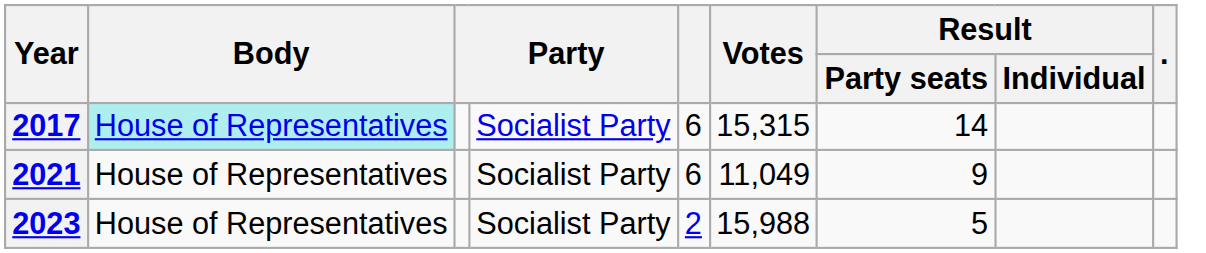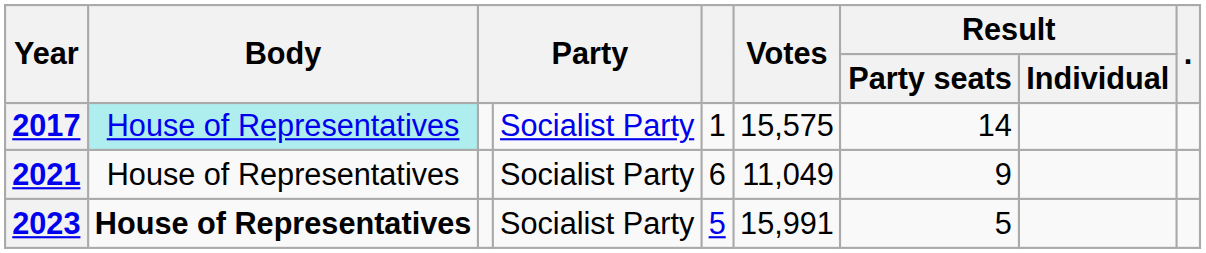 <table class="wikitable plainrowheaders sortable" border=2 cellpadding=4 cellspacing=0 style="border: 1px #aaa solid; font-size: 90%; text-align:center;">
 <tr>
 <th scope="col" rowspan=2>Year</th>
 <th scope="col" rowspan=2>Body</th>
 <th scope="col" colspan=2 rowspan=2>Party</th>
 <th scope="col" rowspan=2></th>
 <th scope="col" rowspan=2>Votes</th>
 <th scope="colgroup" colspan=2>Result</th>
 <th scope="col" rowspan=2 class="unsortable">.</th>
 </tr>
 <tr>
 <th scope="col">Party seats</th>
 <th scope="col">Individual</th>
 </tr>
 <tr>
 <th scope="row"><a href='#'>2017</a></th>
 <td style="background: paleturquoise;"><a href='#'>House of Representatives</a></td>
 <td style="background-color:"></td>
 <td><a href='#'>Socialist Party</a></td>
-<td style=text-align:right>6</td>
-<td style=text-align:right>15,315</td>
+<td style=text-align:right>1</td>
+<td style=text-align:right>15,575</td>
 <td style=text-align:right>14</td>
 <td></td>
 <td></td>
 </tr>
 <tr>
 <th scope="row"><a href='#'>2021</a></th>
 <td>House of Representatives</td>
 <td style="background-color:"></td>
 <td>Socialist Party</td>
 <td style=text-align:right>6</td>
 <td style=text-align:right>11,049</td>
 <td style=text-align:right>9</td>
 <td></td>
 <td></td>
 </tr>
 <tr>
 <th scope="row"><a href='#'>2023</a></th>
-<td>House of Representatives</td>
+<td><strong>House of Representatives</strong></td>
 <td style="background-color:"></td>
 <td>Socialist Party</td>
-<td style=text-align:right><a href='#'>2</a></td>
-<td style=text-align:right>15,988</td>
+<td style=text-align:right><a href='#'>5</a></td>
+<td style=text-align:right>15,991</td>
 <td style=text-align:right>5</td>
 <td></td>
 <td></td>
 </tr>
 </table>
